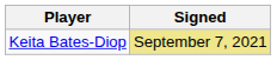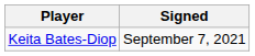 <table class="wikitable sortable sortable" style="text-align: center">
 <tr>
 <th>Player</th>
 <th>Signed</th>
 </tr>
 <tr style="text-align: center">
 <td><a href='#'>Keita Bates-Diop</a></td>
-<td style="background: khaki;">September 7, 2021</td>
+<td>September 7, 2021</td>
 </tr>
 </table>
